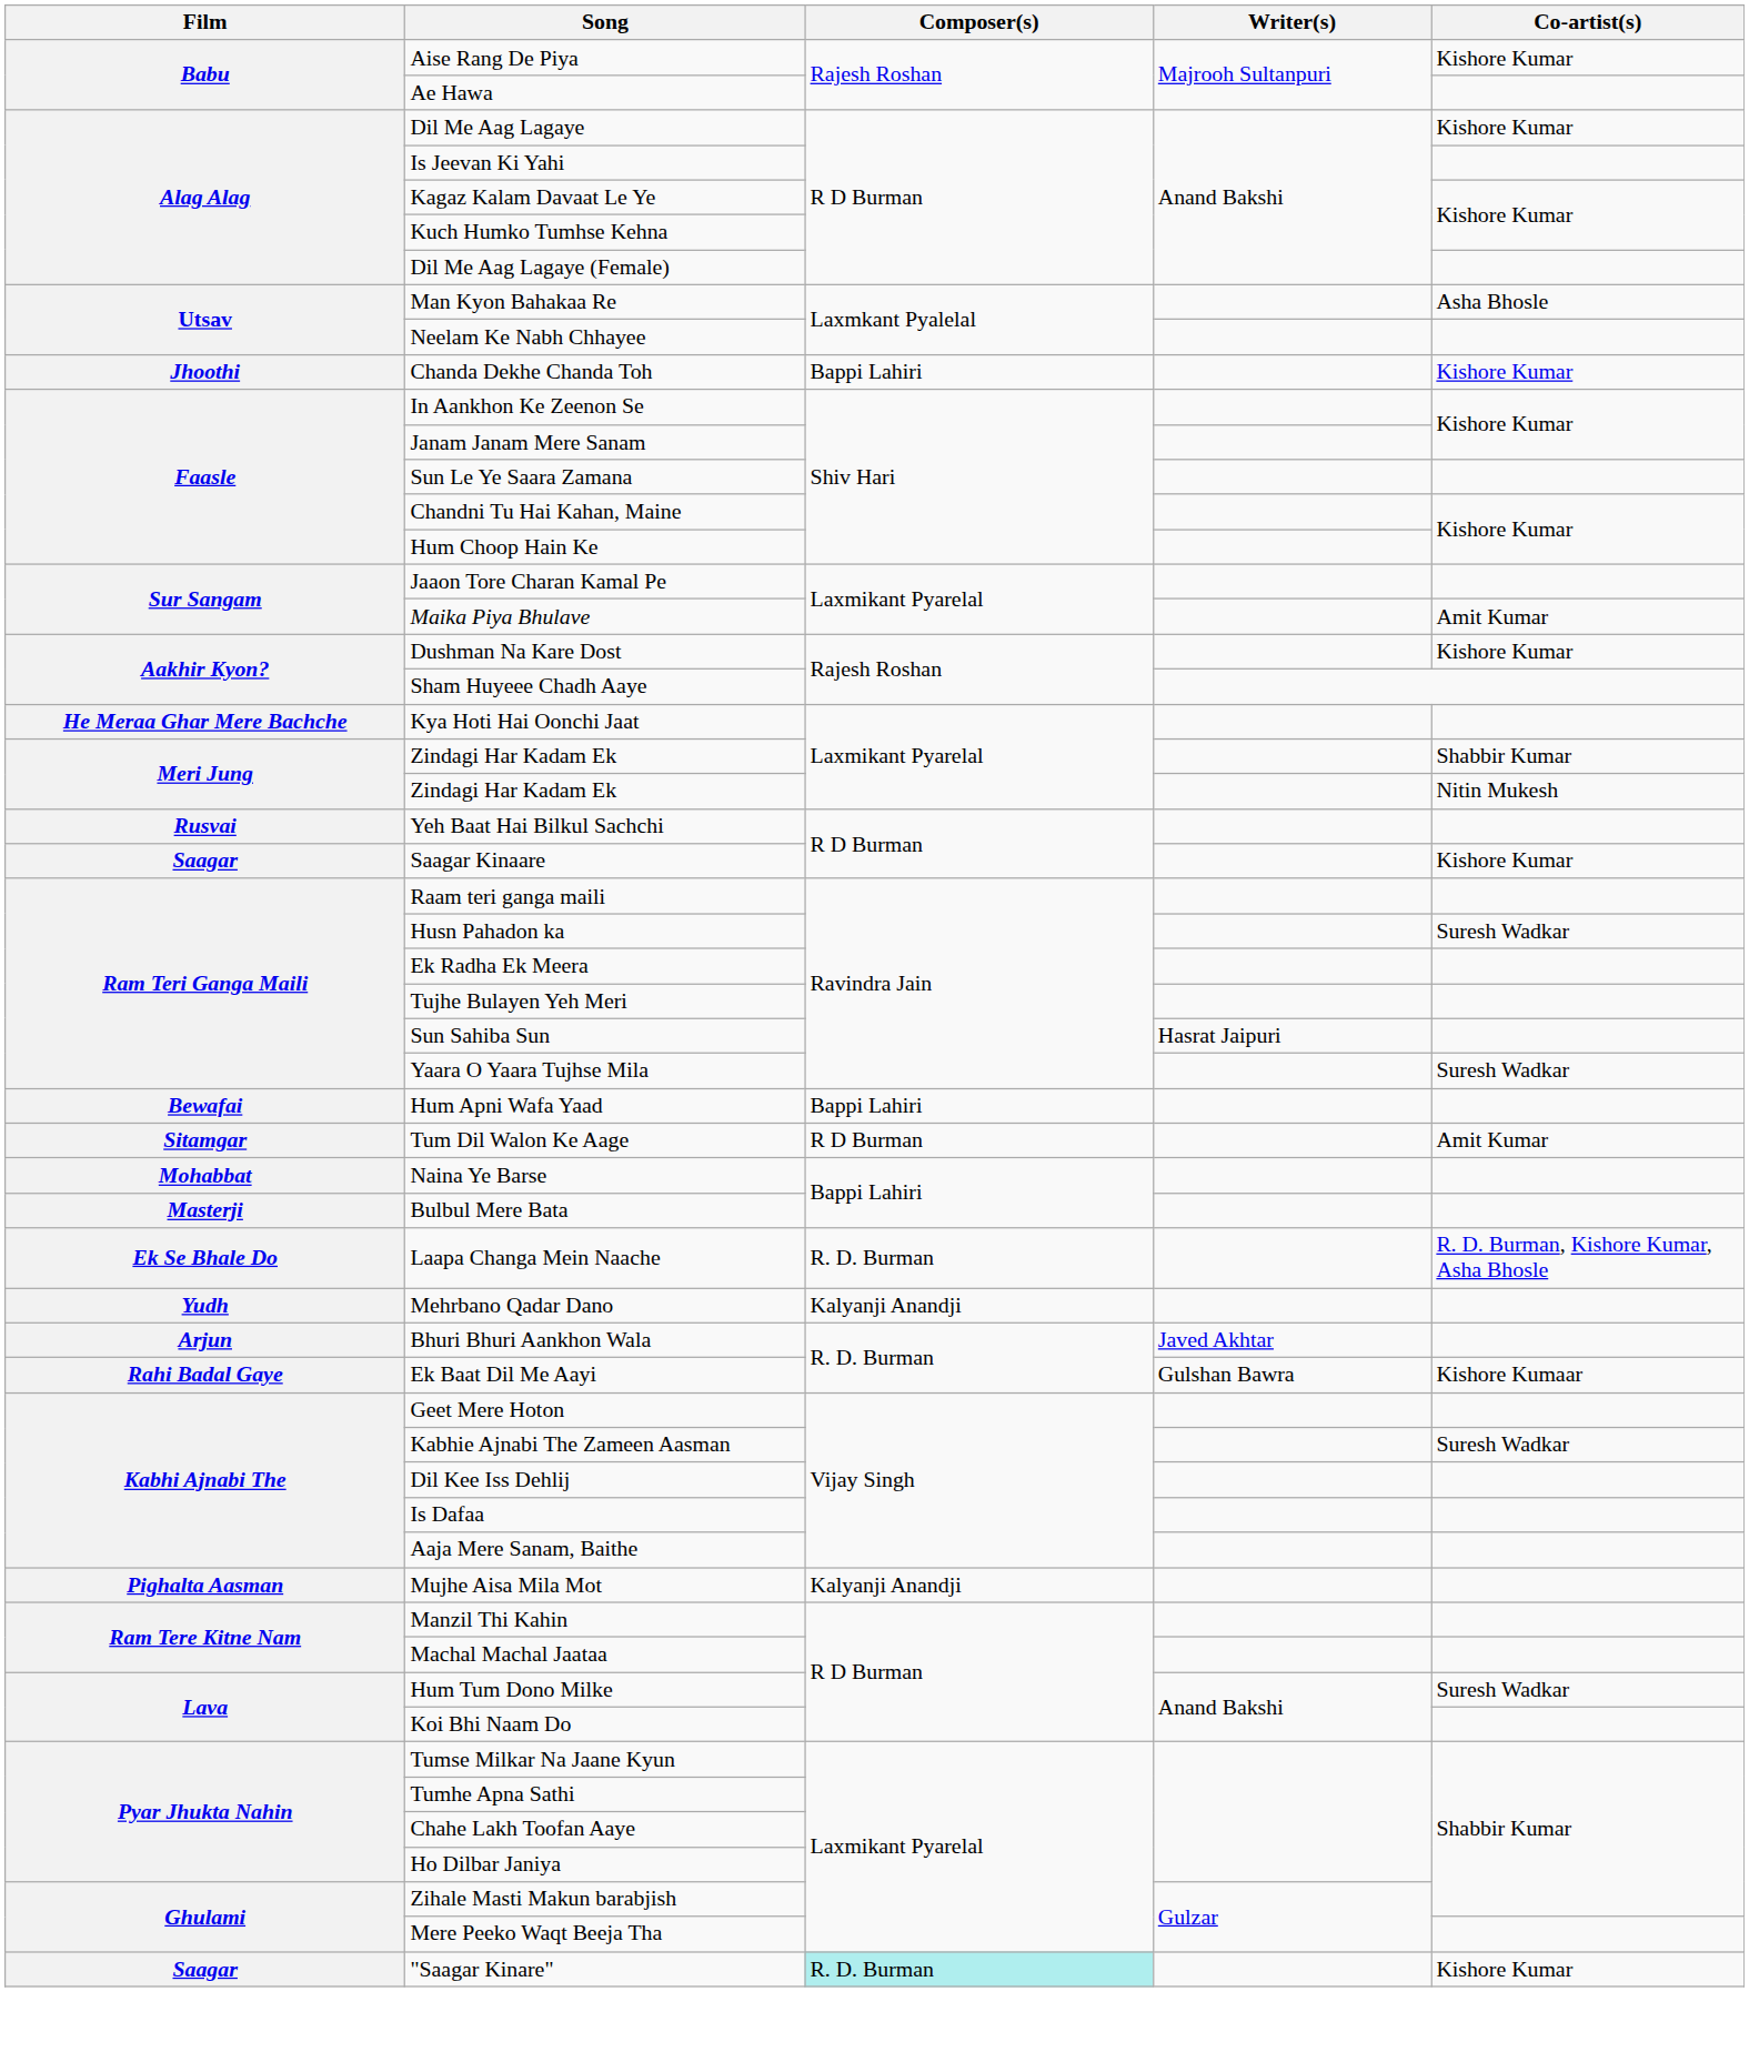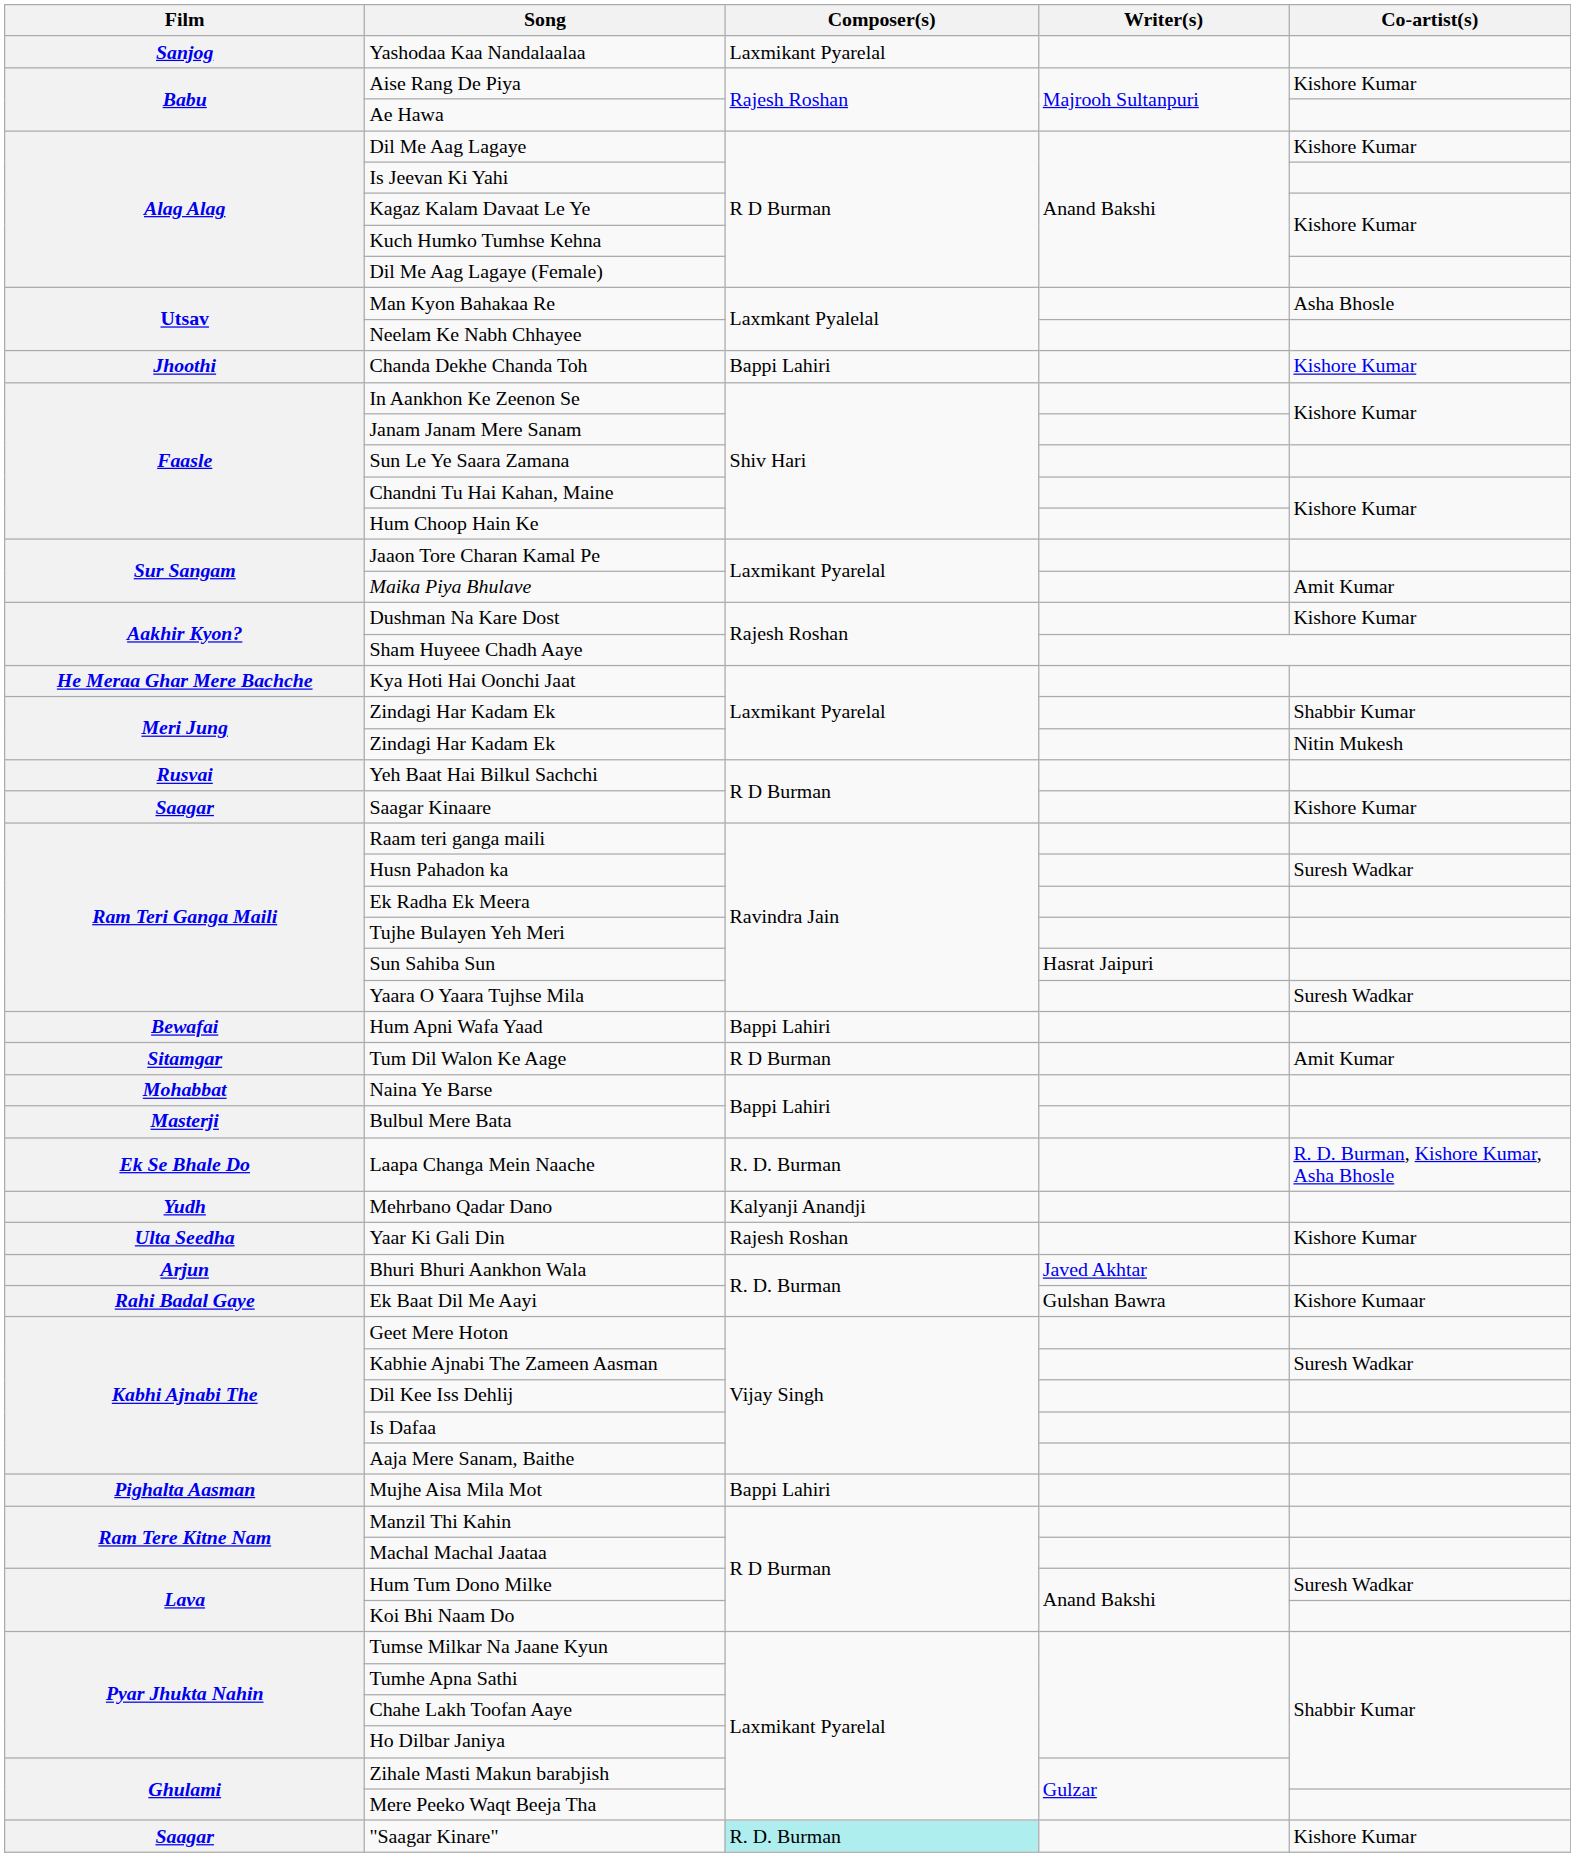 <table class="wikitable plainrowheaders" style="width:100%; textcolor:#000">
 <tr style="background:#b0e0e66;">
 <th scope="col" style="width:23%;"><strong>Film</strong></th>
 <th scope="col" style="width:23%;"><strong>Song</strong></th>
 <th scope="col" style="width:20%;"><strong>Composer(s)</strong></th>
 <th scope="col" style="width:16%;"><strong>Writer(s)</strong></th>
 <th scope="col" style="width:18%;"><strong>Co-artist(s)</strong></th>
+</tr>
+<tr>
+<th><em><a href='#'>Sanjog</a></em></th>
+<td>Yashodaa Kaa Nandalaalaa</td>
+<td>Laxmikant Pyarelal</td>
+<td></td>
+<td></td>
 </tr>
 <tr>
 <th rowspan=2><em><a href='#'>Babu</a></em></th>
 <td>Aise Rang De Piya</td>
 <td rowspan=2><a href='#'>Rajesh Roshan</a></td>
 <td rowspan=2><a href='#'>Majrooh Sultanpuri</a></td>
 <td>Kishore Kumar</td>
 </tr>
 <tr>
 <td>Ae Hawa</td>
 <td></td>
 </tr>
 <tr>
 <th Rowspan=5><em><a href='#'>Alag Alag</a></em></th>
 <td>Dil Me Aag Lagaye</td>
 <td rowspan=5>R D Burman</td>
 <td rowspan=5>Anand Bakshi</td>
 <td>Kishore Kumar</td>
 </tr>
 <tr>
 <td>Is Jeevan Ki Yahi</td>
 <td></td>
 </tr>
 <tr>
 <td>Kagaz Kalam Davaat Le Ye</td>
 <td rowspan=2>Kishore Kumar</td>
 </tr>
 <tr>
 <td>Kuch Humko Tumhse Kehna</td>
 </tr>
 <tr>
 <td>Dil Me Aag Lagaye (Female)</td>
 <td></td>
 </tr>
 <tr>
 <th Rowspan=2><a href='#'>Utsav</a></th>
 <td>Man Kyon Bahakaa Re</td>
 <td rowspan=2>Laxmkant Pyalelal</td>
 <td></td>
 <td>Asha Bhosle</td>
 </tr>
 <tr>
 <td>Neelam Ke Nabh Chhayee</td>
 <td></td>
 <td></td>
 </tr>
 <tr>
 <th><em><a href='#'>Jhoothi</a></em></th>
 <td>Chanda Dekhe Chanda Toh</td>
 <td>Bappi Lahiri</td>
 <td></td>
 <td><a href='#'>Kishore Kumar</a></td>
 </tr>
 <tr>
 <th Rowspan=5><em><a href='#'>Faasle</a></em></th>
 <td>In Aankhon Ke Zeenon Se</td>
 <td rowspan=5>Shiv Hari</td>
 <td></td>
 <td rowspan=2>Kishore Kumar</td>
 </tr>
 <tr>
 <td>Janam Janam Mere Sanam</td>
 <td></td>
 </tr>
 <tr>
 <td>Sun Le Ye Saara Zamana</td>
 <td></td>
 <td></td>
 </tr>
 <tr>
 <td>Chandni Tu Hai Kahan, Maine</td>
 <td></td>
 <td rowspan=2>Kishore Kumar</td>
 </tr>
 <tr>
 <td>Hum Choop Hain Ke</td>
 <td></td>
 </tr>
 <tr>
 <th Rowspan=2><em><a href='#'>Sur Sangam</a></em></th>
 <td>Jaaon Tore Charan Kamal Pe</td>
 <td rowspan=2>Laxmikant Pyarelal</td>
 <td></td>
 <td></td>
 </tr>
 <tr>
 <td><em>Maika Piya Bhulave</em></td>
 <td></td>
 <td>Amit Kumar</td>
 </tr>
 <tr>
 <th Rowspan=2><em><a href='#'>Aakhir Kyon?</a></em></th>
 <td>Dushman Na Kare Dost</td>
 <td rowspan=2>Rajesh Roshan</td>
 <td></td>
 <td>Kishore Kumar</td>
 </tr>
 <tr>
 <td>Sham Huyeee Chadh Aaye</td>
 </tr>
 <tr>
 <th><em><a href='#'>He Meraa Ghar Mere Bachche</a></em></th>
 <td>Kya Hoti Hai Oonchi Jaat</td>
 <td rowspan=3>Laxmikant Pyarelal</td>
 <td></td>
 <td></td>
 </tr>
 <tr>
 <th Rowspan=2><em><a href='#'>Meri Jung</a></em></th>
 <td>Zindagi Har Kadam Ek</td>
 <td></td>
 <td>Shabbir Kumar</td>
 </tr>
 <tr>
 <td>Zindagi Har Kadam Ek</td>
 <td></td>
 <td>Nitin Mukesh</td>
 </tr>
 <tr>
 <th><em><a href='#'>Rusvai</a></em></th>
 <td>Yeh Baat Hai Bilkul Sachchi</td>
 <td rowspan=2>R D Burman</td>
 <td></td>
 </tr>
 <tr>
 <th><em><a href='#'>Saagar</a></em></th>
 <td>Saagar Kinaare</td>
 <td></td>
 <td>Kishore Kumar</td>
 </tr>
 <tr>
 <th Rowspan=6><em><a href='#'>Ram Teri Ganga Maili</a></em></th>
 <td>Raam teri ganga maili</td>
 <td rowspan=6>Ravindra Jain</td>
 <td></td>
 <td></td>
 </tr>
 <tr>
 <td>Husn Pahadon ka</td>
 <td></td>
 <td>Suresh Wadkar</td>
 </tr>
 <tr>
 <td>Ek Radha Ek Meera</td>
 <td></td>
 <td></td>
 </tr>
 <tr>
 <td>Tujhe Bulayen Yeh Meri</td>
 <td></td>
 <td></td>
 </tr>
 <tr>
 <td>Sun Sahiba Sun</td>
 <td>Hasrat Jaipuri</td>
 <td></td>
 </tr>
 <tr>
 <td>Yaara O Yaara Tujhse Mila</td>
 <td></td>
 <td>Suresh Wadkar</td>
 </tr>
 <tr>
 <th><em><a href='#'>Bewafai</a></em></th>
 <td>Hum Apni Wafa Yaad</td>
 <td>Bappi Lahiri</td>
 <td></td>
 <td></td>
 </tr>
 <tr>
 <th><em><a href='#'>Sitamgar</a></em></th>
 <td>Tum Dil Walon Ke Aage</td>
 <td>R D Burman</td>
 <td></td>
 <td>Amit Kumar</td>
 </tr>
 <tr>
 <th><em><a href='#'>Mohabbat</a></em></th>
 <td>Naina Ye Barse</td>
 <td rowspan=2>Bappi Lahiri</td>
 <td></td>
 <td></td>
 </tr>
 <tr>
 <th><em><a href='#'>Masterji</a></em></th>
 <td>Bulbul Mere Bata</td>
 <td></td>
 <td></td>
 </tr>
 <tr>
 <th><em><a href='#'>Ek Se Bhale Do</a></em></th>
 <td>Laapa Changa Mein Naache</td>
 <td>R. D. Burman</td>
 <td></td>
 <td><a href='#'>R. D. Burman</a>, <a href='#'>Kishore Kumar</a>, <a href='#'>Asha Bhosle</a></td>
 </tr>
 <tr>
 <th><em><a href='#'>Yudh</a></em></th>
 <td>Mehrbano Qadar Dano</td>
 <td>Kalyanji Anandji</td>
 <td></td>
 <td></td>
 </tr>
 <tr>
+<th><em><a href='#'>Ulta Seedha</a></em></th>
+<td>Yaar Ki Gali Din</td>
+<td>Rajesh Roshan</td>
+<td></td>
+<td>Kishore Kumar</td>
+</tr>
+<tr>
 <th><em><a href='#'>Arjun</a></em></th>
 <td>Bhuri Bhuri Aankhon Wala</td>
 <td rowspan=2>R. D. Burman</td>
 <td><a href='#'>Javed Akhtar</a></td>
 <td></td>
 </tr>
 <tr>
 <th><em><a href='#'>Rahi Badal Gaye</a></em></th>
 <td>Ek Baat Dil Me Aayi</td>
 <td>Gulshan Bawra</td>
 <td>Kishore Kumaar</td>
 </tr>
 <tr>
 <th Rowspan=5><em><a href='#'>Kabhi Ajnabi The</a></em></th>
 <td>Geet Mere Hoton</td>
 <td rowspan=5>Vijay Singh</td>
 <td></td>
 <td></td>
 </tr>
 <tr>
 <td>Kabhie Ajnabi The Zameen Aasman</td>
 <td></td>
 <td>Suresh Wadkar</td>
 </tr>
 <tr>
 <td>Dil Kee Iss Dehlij</td>
 <td></td>
 <td></td>
 </tr>
 <tr>
 <td>Is Dafaa</td>
 <td></td>
 <td></td>
 </tr>
 <tr>
 <td>Aaja Mere Sanam, Baithe</td>
 <td></td>
 <td></td>
 </tr>
 <tr>
 <th><em><a href='#'>Pighalta Aasman</a></em></th>
 <td>Mujhe Aisa Mila Mot</td>
-<td>Kalyanji Anandji</td>
+<td>Bappi Lahiri</td>
 <td></td>
 <td></td>
 </tr>
 <tr>
 <th rowspan=2><em><a href='#'>Ram Tere Kitne Nam</a></em></th>
 <td>Manzil Thi Kahin</td>
 <td rowspan=4>R D Burman</td>
 <td></td>
 <td></td>
 </tr>
 <tr>
 <td>Machal Machal Jaataa</td>
 <td></td>
 <td></td>
 </tr>
 <tr>
 <th rowspan=2><em><a href='#'>Lava</a></em></th>
 <td>Hum Tum Dono Milke</td>
 <td rowspan=2>Anand Bakshi</td>
 <td>Suresh Wadkar</td>
 </tr>
 <tr>
 <td>Koi Bhi Naam Do</td>
 <td></td>
 </tr>
 <tr>
 <th Rowspan=4><em><a href='#'>Pyar Jhukta Nahin</a></em></th>
 <td>Tumse Milkar Na Jaane Kyun</td>
 <td rowspan=6>Laxmikant Pyarelal</td>
 <td rowspan=4></td>
 <td rowspan=5>Shabbir Kumar</td>
 </tr>
 <tr>
 <td>Tumhe Apna Sathi</td>
 </tr>
 <tr>
 <td>Chahe Lakh Toofan Aaye</td>
 </tr>
 <tr>
 <td>Ho Dilbar Janiya</td>
 </tr>
 <tr>
 <th Rowspan=2><em><a href='#'>Ghulami</a></em></th>
 <td>Zihale Masti Makun barabjish</td>
 <td rowspan=2><a href='#'>Gulzar</a></td>
 </tr>
 <tr>
 <td>Mere Peeko Waqt Beeja Tha</td>
 <td></td>
 </tr>
 <tr>
 <th><em><a href='#'>Saagar</a></em></th>
 <td>"Saagar Kinare"</td>
 <td style="background: paleturquoise;">R. D. Burman</td>
 <td></td>
 <td>Kishore Kumar</td>
 </tr>
 </table>
